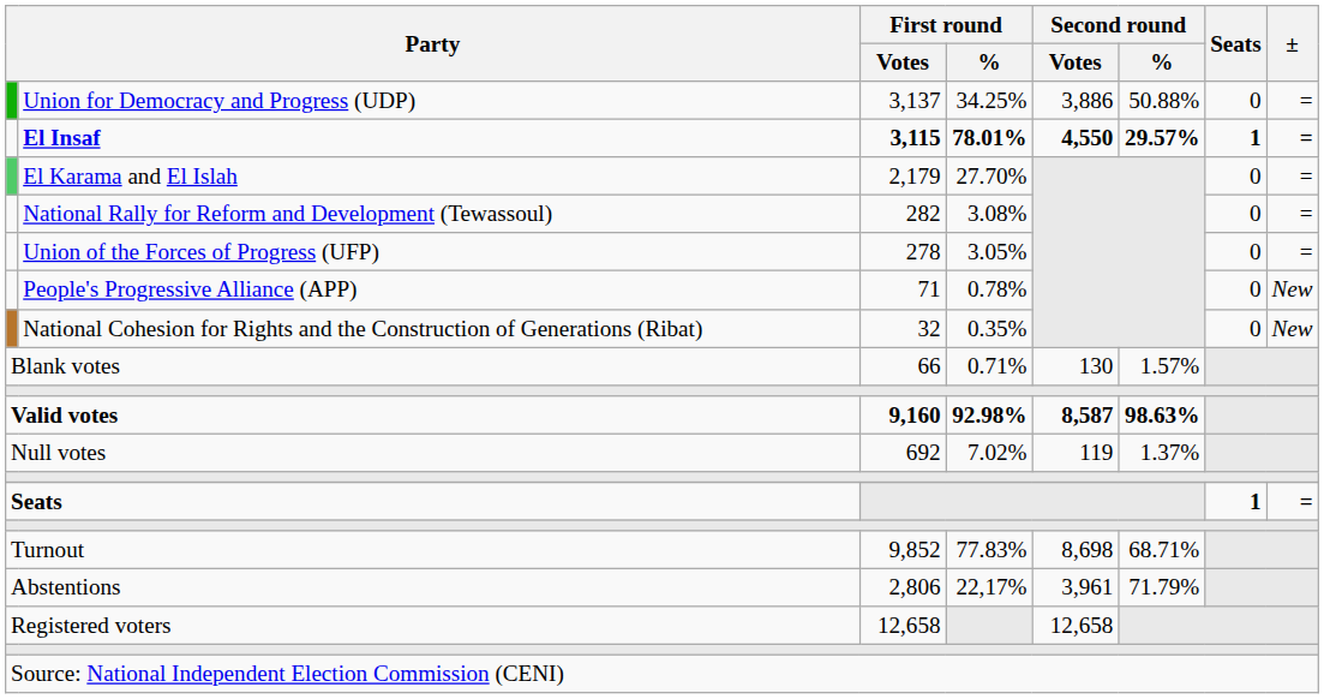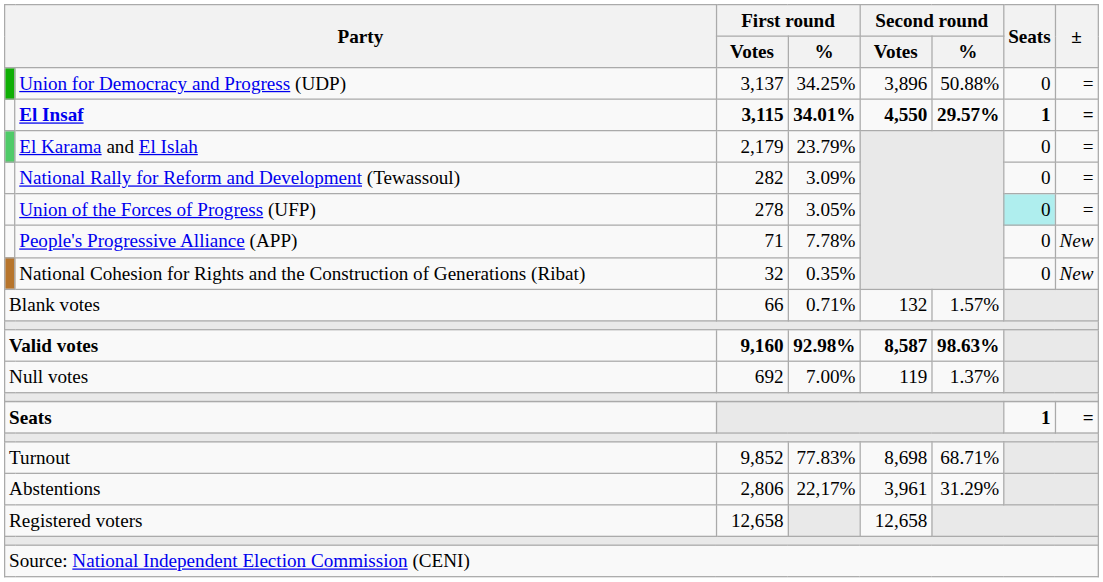 <table class="wikitable" style="text-align:right;font-size:95%;">
 <tr>
 <th rowspan="2" colspan="2" width="700">Party</th>
 <th colspan="2">First round</th>
 <th colspan="2">Second round</th>
 <th rowspan="2" width="25">Seats</th>
 <th rowspan="2" width="20">±</th>
 </tr>
 <tr>
 <th width="50">Votes</th>
 <th width="50">%</th>
 <th width="50">Votes</th>
 <th width="50">%</th>
 </tr>
 <tr>
 <td width="1" style="color:inherit;background:#0FAF05;"></td>
 <td style="text-align:left;"><a href='#'>Union for Democracy and Progress</a> (UDP)</td>
 <td>3,137</td>
 <td>34.25%</td>
-<td>3,886</td>
+<td>3,896</td>
 <td>50.88%</td>
 <td>0</td>
 <td>=</td>
 </tr>
 <tr>
 <td width="1" style="color:inherit;background:"></td>
 <td style="text-align:left;"><strong><a href='#'>El Insaf</a></strong></td>
 <td><strong>3,115</strong></td>
-<td><strong>78.01%</strong></td>
+<td><strong>34.01%</strong></td>
 <td><strong>4,550</strong></td>
 <td><strong>29.57%</strong></td>
 <td><strong>1</strong></td>
 <td><strong>=</strong></td>
 </tr>
 <tr>
 <td width="1" style="color:inherit;background:#4FCB68;"></td>
 <td style="text-align:left;"><a href='#'>El Karama</a> and <a href='#'>El Islah</a></td>
 <td>2,179</td>
-<td>27.70%</td>
+<td>23.79%</td>
 <td colspan="2" rowspan="5" style="background:#E9E9E9;"></td>
 <td>0</td>
 <td>=</td>
 </tr>
 <tr>
 <td width="1" style="color:inherit;background:"></td>
 <td style="text-align:left;"><a href='#'>National Rally for Reform and Development</a> (Tewassoul)</td>
 <td>282</td>
-<td>3.08%</td>
+<td>3.09%</td>
 <td>0</td>
 <td>=</td>
 </tr>
 <tr>
 <td width="1" style="color:inherit;background:"></td>
 <td style="text-align:left;"><a href='#'>Union of the Forces of Progress</a> (UFP)</td>
 <td>278</td>
 <td>3.05%</td>
-<td>0</td>
+<td style="background: paleturquoise;">0</td>
 <td>=</td>
 </tr>
 <tr>
 <td width="1" style="color:inherit;background:"></td>
 <td style="text-align:left;"><a href='#'>People's Progressive Alliance</a> (APP)</td>
 <td>71</td>
-<td>0.78%</td>
+<td>7.78%</td>
 <td>0</td>
 <td><em>New</em></td>
 </tr>
 <tr>
 <td width="1" style="color:inherit;background:#B7752C;"></td>
 <td style="text-align:left;">National Cohesion for Rights and the Construction of Generations (Ribat)</td>
 <td>32</td>
 <td>0.35%</td>
 <td>0</td>
 <td><em>New</em></td>
 </tr>
 <tr>
 <td colspan="2" style="text-align:left;">Blank votes</td>
 <td>66</td>
 <td>0.71%</td>
-<td>130</td>
+<td>132</td>
 <td>1.57%</td>
 <td colspan="2" style="background:#E9E9E9;"></td>
 </tr>
 <tr>
 <td colspan="8" style="background:#E9E9E9;"></td>
 </tr>
 <tr style="font-weight:bold;">
 <td colspan="2" style="text-align:left;">Valid votes</td>
 <td>9,160</td>
 <td>92.98%</td>
 <td>8,587</td>
 <td>98.63%</td>
 <td colspan="2" style="background:#E9E9E9;"></td>
 </tr>
 <tr>
 <td colspan="2" style="text-align:left;">Null votes</td>
 <td>692</td>
-<td>7.02%</td>
+<td>7.00%</td>
 <td>119</td>
 <td>1.37%</td>
 <td colspan="2" style="background:#E9E9E9;"></td>
 </tr>
 <tr>
 <td colspan="8" style="background:#E9E9E9;"></td>
 </tr>
 <tr>
 </tr>
 <tr style="font-weight:bold;">
 <td colspan="2" style="text-align:left;">Seats</td>
 <td colspan="4" style="background:#E9E9E9;"></td>
 <td>1</td>
 <td>=</td>
 </tr>
 <tr>
 <td colspan="8" style="background:#E9E9E9;"></td>
 </tr>
 <tr>
 <td colspan="2" style="text-align:left;">Turnout</td>
 <td>9,852</td>
 <td>77.83%</td>
 <td>8,698</td>
 <td>68.71%</td>
 <td colspan="2" style="background:#E9E9E9;"></td>
 </tr>
 <tr>
 <td colspan="2" style="text-align:left;">Abstentions</td>
 <td>2,806</td>
 <td>22,17%</td>
 <td>3,961</td>
-<td>71.79%</td>
+<td>31.29%</td>
 <td colspan="2" style="background:#E9E9E9;"></td>
 </tr>
 <tr>
 <td colspan="2" style="text-align:left;">Registered voters</td>
 <td>12,658</td>
 <td style="color:inherit;background:#E9E9E9;"></td>
 <td>12,658</td>
 <td colspan="3" style="background:#E9E9E9;"></td>
 </tr>
 <tr>
 <td colspan="8" style="background:#E9E9E9;"></td>
 </tr>
 <tr>
 <td colspan="8" style="text-align:left;">Source: <a href='#'>National Independent Election Commission</a> (CENI)</td>
 </tr>
 </table>
